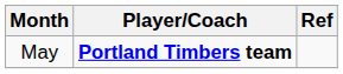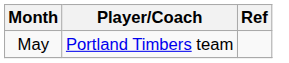 <table class=wikitable>
 <tr>
 <th>Month</th>
 <th>Player/Coach</th>
 <th>Ref</th>
 </tr>
 <tr>
 <td align=center>May</td>
-<td><strong><a href='#'>Portland Timbers</a> team</strong></td>
+<td><a href='#'>Portland Timbers</a> team</td>
 <td></td>
 </tr>
 <tr>
 </tr>
 </table>
